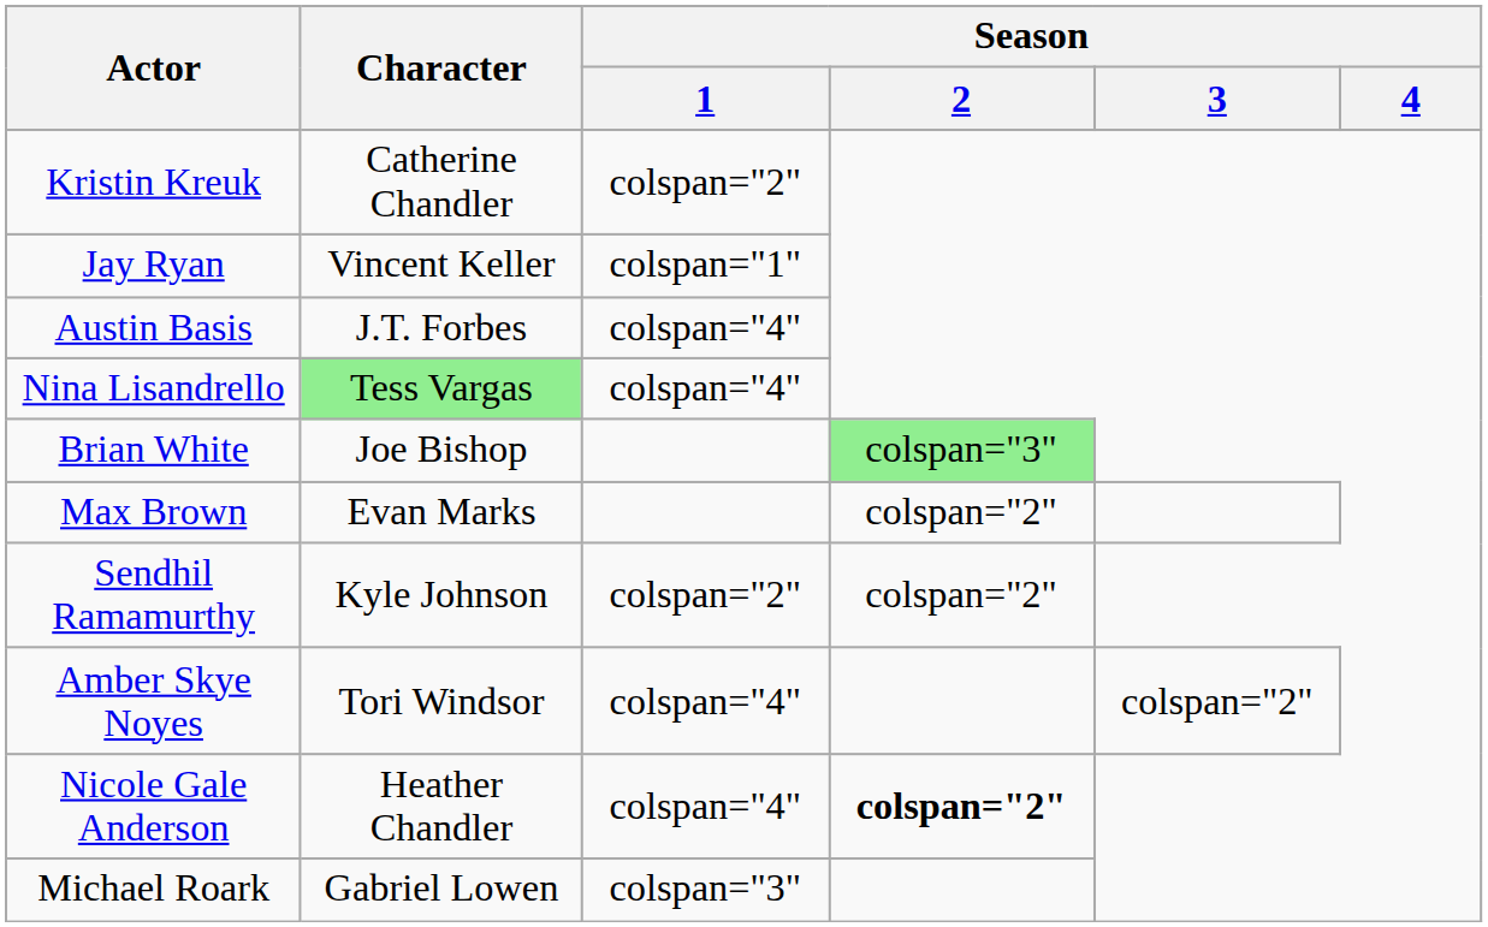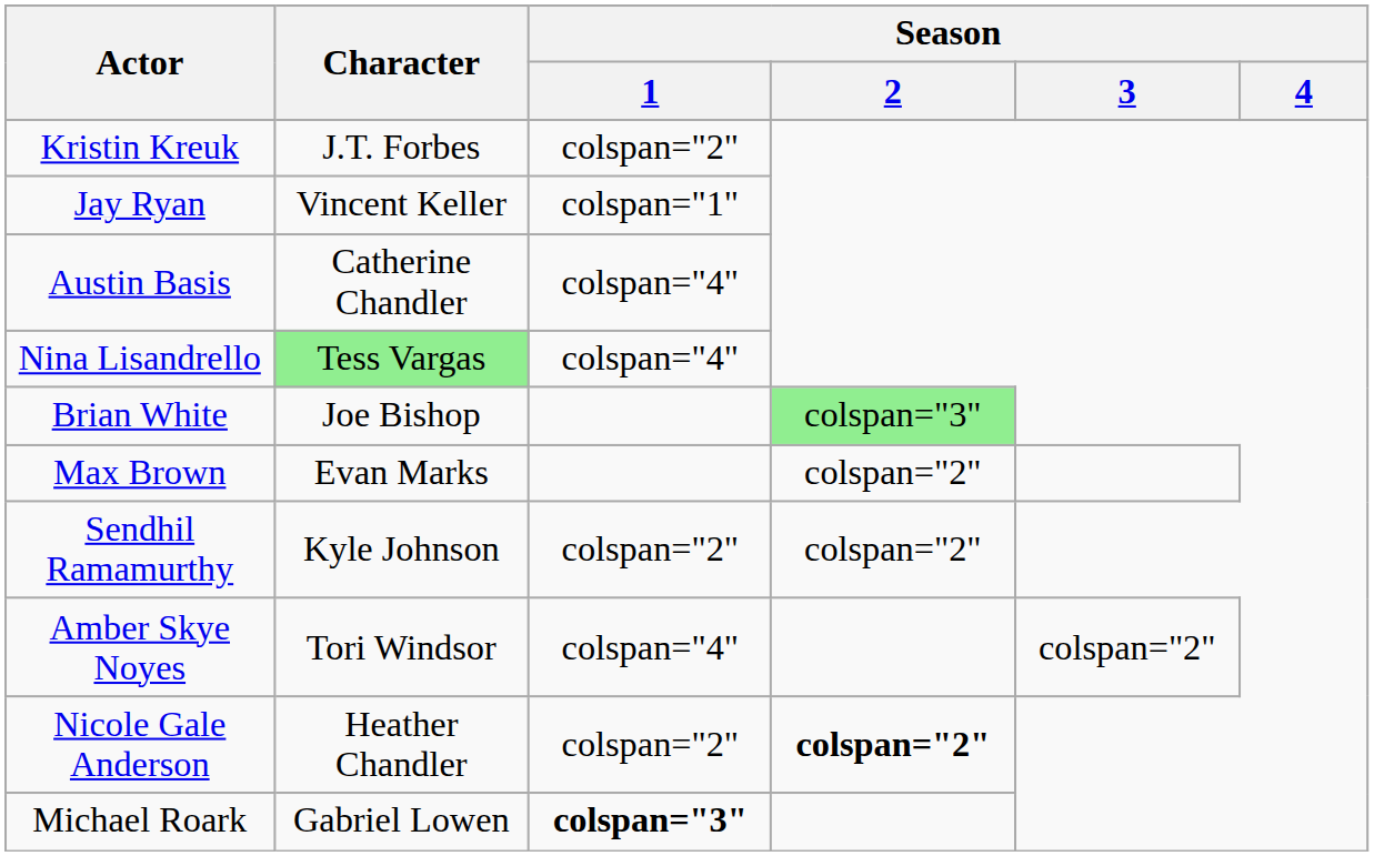 <table class="wikitable plainrowheaders" style="text-align:center">
 <tr>
 <th rowspan="2" width="14%" scope="col">Actor</th>
 <th rowspan="2" width="14%" scope="col">Character</th>
 <th colspan="4">Season</th>
 </tr>
 <tr>
 <th width="7%" scope="col"><a href='#'>1</a></th>
 <th width="7%" scope="col"><a href='#'>2</a></th>
 <th width="7%" scope="col"><a href='#'>3</a></th>
 <th width="7%" scope="col"><a href='#'>4</a></th>
 </tr>
 <tr>
 <td><a href='#'>Kristin Kreuk</a></td>
-<td>Catherine Chandler</td>
+<td>J.T. Forbes</td>
 <td>colspan="2" </td>
 </tr>
 <tr>
 <td><a href='#'>Jay Ryan</a></td>
 <td>Vincent Keller</td>
 <td>colspan="1" </td>
 </tr>
 <tr>
 <td><a href='#'>Austin Basis</a></td>
-<td>J.T. Forbes</td>
+<td>Catherine Chandler</td>
 <td>colspan="4" </td>
 </tr>
 <tr>
 <td><a href='#'>Nina Lisandrello</a></td>
 <td style="background: lightgreen;">Tess Vargas</td>
 <td>colspan="4" </td>
 </tr>
 <tr>
 <td><a href='#'>Brian White</a></td>
 <td>Joe Bishop</td>
 <td></td>
 <td style="background: lightgreen;">colspan="3" </td>
 </tr>
 <tr>
 <td><a href='#'>Max Brown</a></td>
 <td>Evan Marks</td>
 <td></td>
 <td>colspan="2" </td>
 <td></td>
 </tr>
 <tr>
 <td><a href='#'>Sendhil Ramamurthy</a></td>
 <td>Kyle Johnson</td>
 <td>colspan="2" </td>
 <td>colspan="2" </td>
 </tr>
 <tr>
 <td><a href='#'>Amber Skye Noyes</a></td>
 <td>Tori Windsor</td>
 <td>colspan="4" </td>
 <td></td>
 <td>colspan="2" </td>
 </tr>
 <tr>
 <td><a href='#'>Nicole Gale Anderson</a></td>
 <td>Heather Chandler</td>
-<td>colspan="4" </td>
+<td>colspan="2" </td>
 <td><strong>colspan="2" </strong></td>
 </tr>
 <tr>
 <td>Michael Roark</td>
 <td>Gabriel Lowen</td>
-<td>colspan="3" </td>
+<td><strong>colspan="3" </strong></td>
 <td></td>
 </tr>
 </table>
